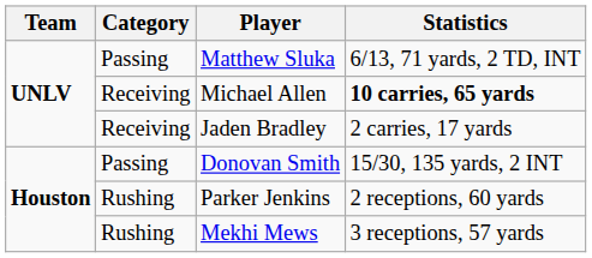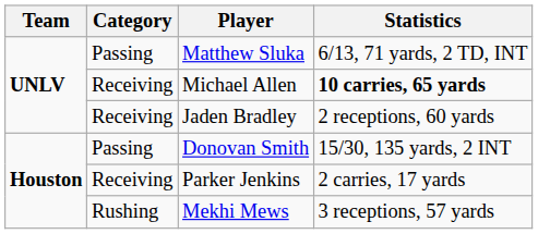 <table class="wikitable" style="float: right;">
 <tr>
 <th>Team</th>
 <th>Category</th>
 <th>Player</th>
 <th>Statistics</th>
 </tr>
 <tr>
 <td rowspan=3><strong>UNLV</strong></td>
 <td>Passing</td>
 <td><a href='#'>Matthew Sluka</a></td>
 <td>6/13, 71 yards, 2 TD, INT</td>
 </tr>
 <tr>
 <td>Receiving</td>
 <td>Michael Allen</td>
 <td><strong>10 carries, 65 yards</strong></td>
 </tr>
 <tr>
 <td>Receiving</td>
 <td>Jaden Bradley</td>
-<td>2 carries, 17 yards</td>
+<td>2 receptions, 60 yards</td>
 </tr>
 <tr>
 <td rowspan=3><strong>Houston</strong></td>
 <td>Passing</td>
 <td><a href='#'>Donovan Smith</a></td>
 <td>15/30, 135 yards, 2 INT</td>
 </tr>
 <tr>
-<td>Rushing</td>
+<td>Receiving</td>
 <td>Parker Jenkins</td>
-<td>2 receptions, 60 yards</td>
+<td>2 carries, 17 yards</td>
 </tr>
 <tr>
 <td>Rushing</td>
 <td><a href='#'>Mekhi Mews</a></td>
 <td>3 receptions, 57 yards</td>
 </tr>
 </table>
